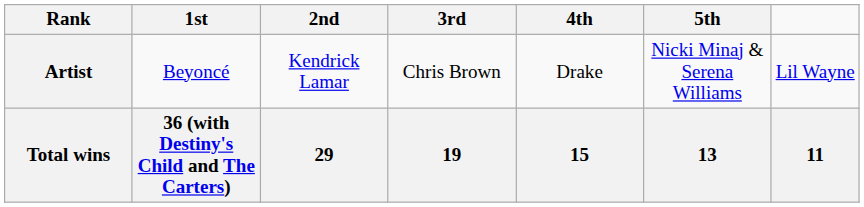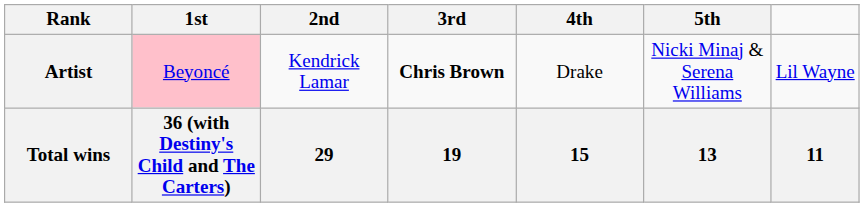 <table class="wikitable">
 <tr>
 <th style="width:100px;">Rank</th>
 <th style="width:100px;">1st</th>
 <th style="width:100px;">2nd</th>
 <th style="width:100px;">3rd</th>
 <th style="width:100px;">4th</th>
 <th style="width:100px;">5th</th>
 </tr>
 <tr align=center>
 <th>Artist</th>
-<td><a href='#'>Beyoncé</a></td>
+<td style="background: pink;"><a href='#'>Beyoncé</a></td>
 <td><a href='#'>Kendrick Lamar</a></td>
-<td>Chris Brown</td>
+<td><strong>Chris Brown</strong></td>
 <td>Drake</td>
 <td><a href='#'>Nicki Minaj</a> & <a href='#'>Serena Williams</a></td>
 <td><a href='#'>Lil Wayne</a></td>
 </tr>
 <tr align=center>
 <th>Total wins</th>
 <th>36 (with <a href='#'>Destiny's Child</a> and <a href='#'>The Carters</a>)</th>
 <th>29</th>
 <th>19</th>
 <th>15</th>
 <th>13</th>
 <th>11</th>
 </tr>
 </table>
